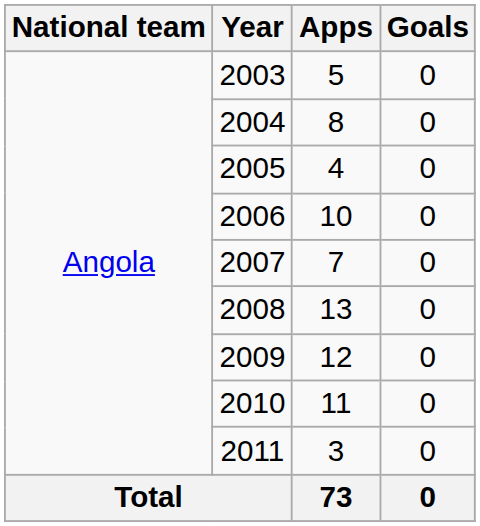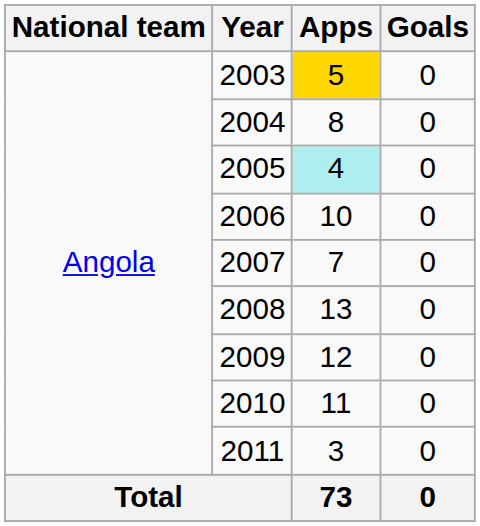 <table class="wikitable" style="text-align:center">
 <tr>
 <th>National team</th>
 <th>Year</th>
 <th>Apps</th>
 <th>Goals</th>
 </tr>
 <tr>
 <td rowspan="9"><a href='#'>Angola</a></td>
 <td>2003</td>
-<td>5</td>
+<td style="background: gold;">5</td>
 <td>0</td>
 </tr>
 <tr>
 <td>2004</td>
 <td>8</td>
 <td>0</td>
 </tr>
 <tr>
 <td>2005</td>
-<td>4</td>
+<td style="background: paleturquoise;">4</td>
 <td>0</td>
 </tr>
 <tr>
 <td>2006</td>
 <td>10</td>
 <td>0</td>
 </tr>
 <tr>
 <td>2007</td>
 <td>7</td>
 <td>0</td>
 </tr>
 <tr>
 <td>2008</td>
 <td>13</td>
 <td>0</td>
 </tr>
 <tr>
 <td>2009</td>
 <td>12</td>
 <td>0</td>
 </tr>
 <tr>
 <td>2010</td>
 <td>11</td>
 <td>0</td>
 </tr>
 <tr>
 <td>2011</td>
 <td>3</td>
 <td>0</td>
 </tr>
 <tr>
 <th colspan="2">Total</th>
 <th>73</th>
 <th>0</th>
 </tr>
 </table>
